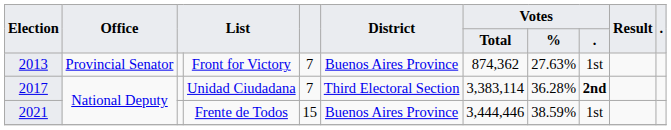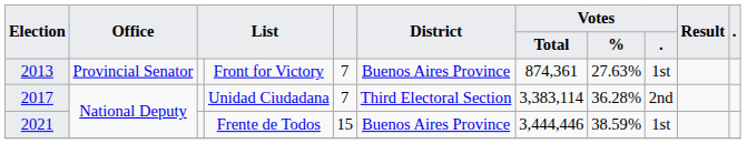 <table class="wikitable" style="font-size:90%; text-align:center;">
 <tr>
 <th style="background-color:#EAECF0;" rowspan=2>Election</th>
 <th style="background-color:#EAECF0;" rowspan=2>Office</th>
 <th style="background-color:#EAECF0;" colspan=2 rowspan=2>List</th>
 <th style="background-color:#EAECF0;" rowspan=2></th>
 <th style="background-color:#EAECF0;" rowspan=2>District</th>
 <th style="background-color:#EAECF0;" colspan=3>Votes</th>
 <th style="background-color:#EAECF0;" rowspan=2>Result</th>
 <th style="background-color:#EAECF0;" rowspan=2>.</th>
 </tr>
 <tr>
 <th style="background-color:#EAECF0;">Total</th>
 <th style="background-color:#EAECF0;">%</th>
 <th style="background-color:#EAECF0;">.</th>
 </tr>
 <tr>
 <td style="background-color:#EAECF0;"><a href='#'>2013</a></td>
 <td><a href='#'>Provincial Senator</a></td>
 <td style="background-color:"></td>
 <td><a href='#'>Front for Victory</a></td>
 <td>7</td>
 <td><a href='#'>Buenos Aires Province</a></td>
-<td>874,362</td>
+<td>874,361</td>
 <td>27.63%</td>
 <td>1st</td>
 <td></td>
 <td></td>
 </tr>
 <tr>
 <td style="background-color:#EAECF0;"><a href='#'>2017</a></td>
 <td rowspan="2"><a href='#'>National Deputy</a></td>
 <td style="background-color:"></td>
 <td><a href='#'>Unidad Ciudadana</a></td>
 <td>7</td>
 <td><a href='#'>Third Electoral Section</a></td>
 <td>3,383,114</td>
 <td>36.28%</td>
-<td><strong>2nd</strong></td>
+<td>2nd</td>
 <td></td>
 <td></td>
 </tr>
 <tr>
 <td style="background-color:#EAECF0;"><a href='#'>2021</a></td>
 <td style="background-color:"></td>
 <td><a href='#'>Frente de Todos</a></td>
 <td>15</td>
 <td><a href='#'>Buenos Aires Province</a></td>
 <td>3,444,446</td>
 <td>38.59%</td>
 <td>1st</td>
 <td></td>
 <td></td>
 </tr>
 <tr>
 </tr>
 </table>
